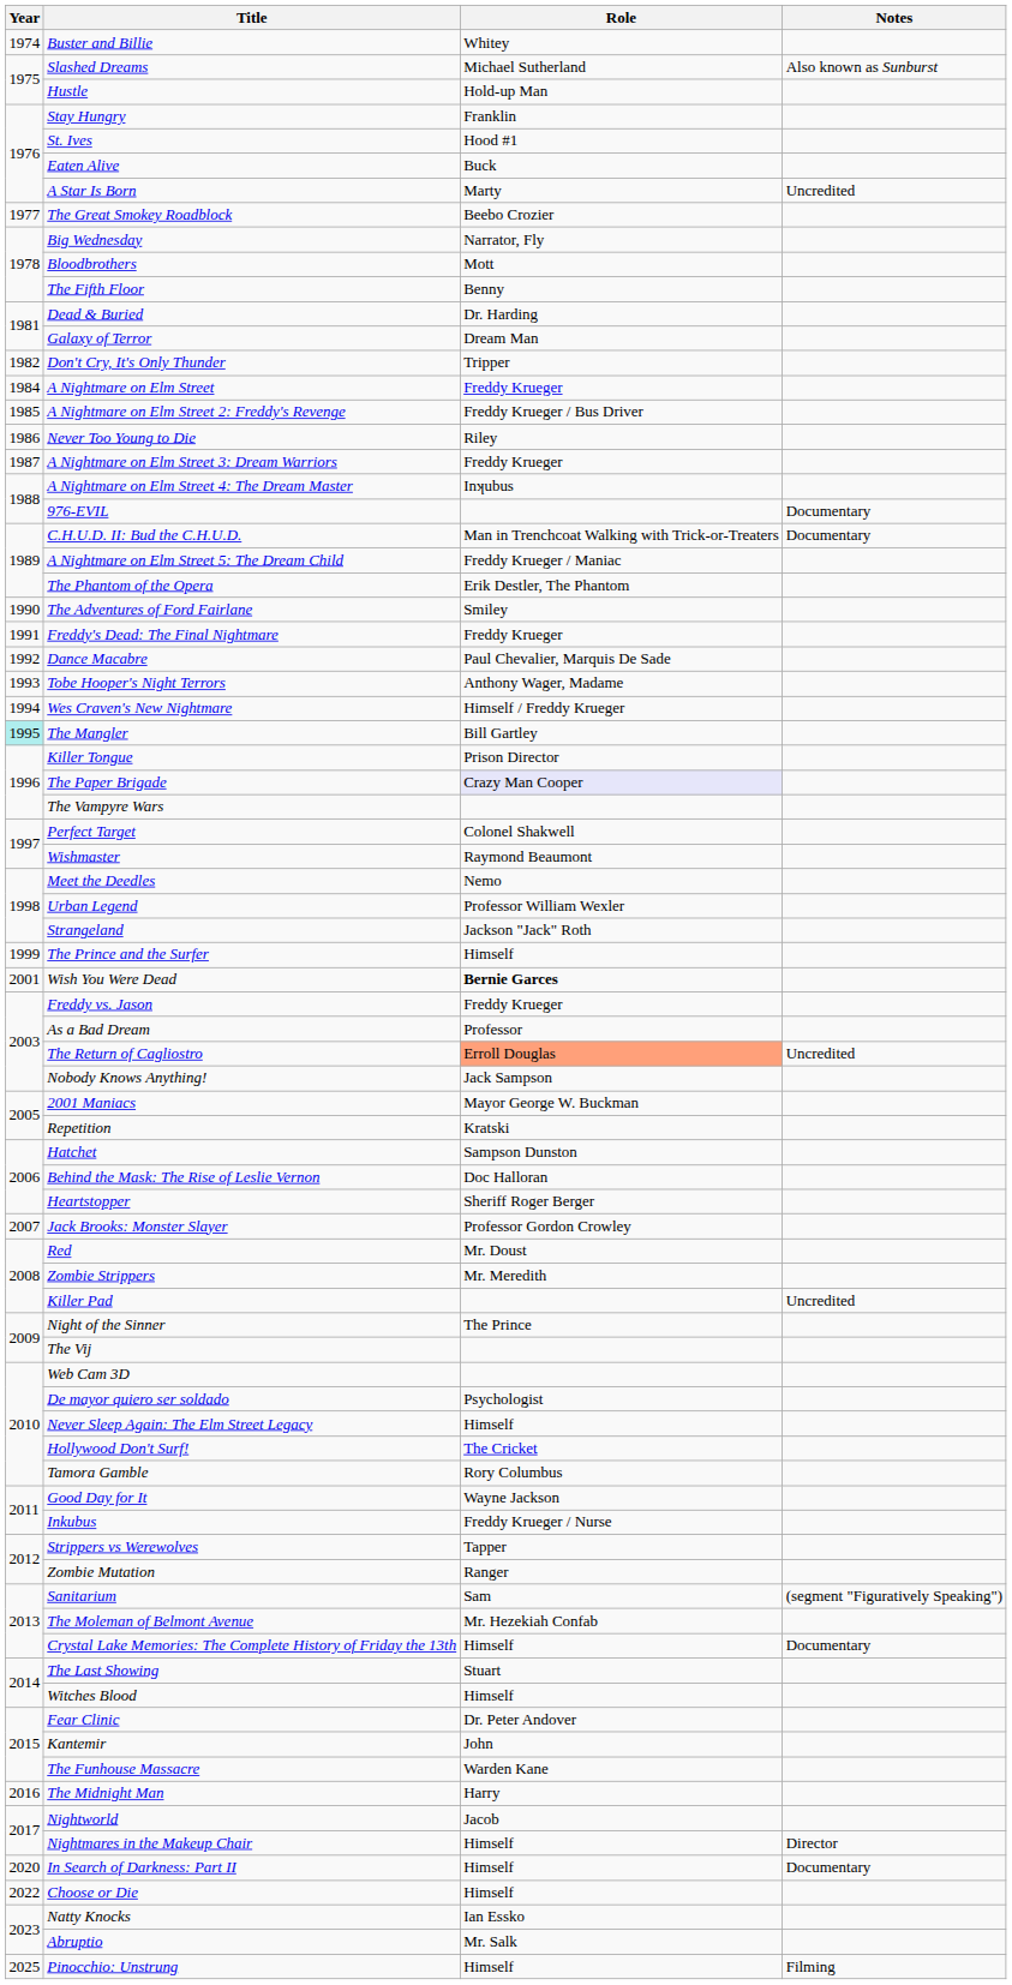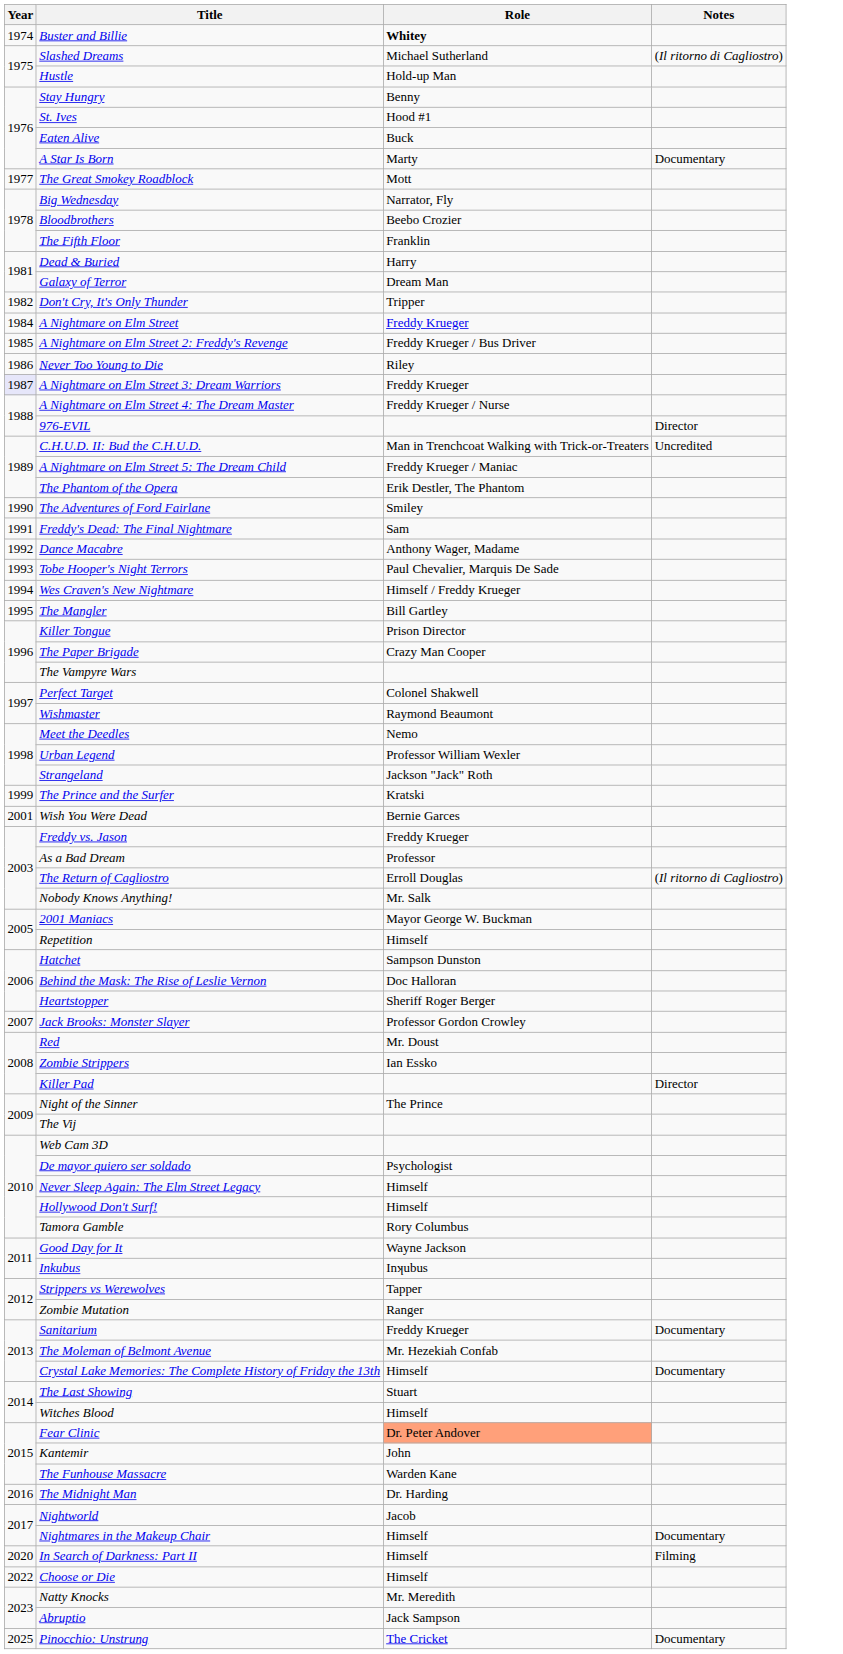 <table class="wikitable sortable">
 <tr>
 <th>Year</th>
 <th>Title</th>
 <th>Role</th>
 <th>Notes</th>
 </tr>
 <tr>
 <td>1974</td>
 <td><em><a href='#'>Buster and Billie</a></em></td>
-<td>Whitey</td>
+<td><strong>Whitey</strong></td>
 <td></td>
 </tr>
 <tr>
 <td rowspan="2">1975</td>
 <td><em><a href='#'>Slashed Dreams</a></em></td>
 <td>Michael Sutherland</td>
-<td>Also known as <em>Sunburst</em></td>
+<td>(<em>Il ritorno di Cagliostro</em>)</td>
 </tr>
 <tr>
 <td><em><a href='#'>Hustle</a></em></td>
 <td>Hold-up Man</td>
 <td></td>
 </tr>
 <tr>
 <td rowspan="4">1976</td>
 <td><em><a href='#'>Stay Hungry</a></em></td>
-<td>Franklin</td>
+<td>Benny</td>
 <td></td>
 </tr>
 <tr>
 <td><em><a href='#'>St. Ives</a></em></td>
 <td>Hood #1</td>
 <td></td>
 </tr>
 <tr>
 <td><em><a href='#'>Eaten Alive</a></em></td>
 <td>Buck</td>
 <td></td>
 </tr>
 <tr>
 <td><em><a href='#'>A Star Is Born</a></em></td>
 <td>Marty</td>
-<td>Uncredited</td>
+<td>Documentary</td>
 </tr>
 <tr>
 <td>1977</td>
 <td><em><a href='#'>The Great Smokey Roadblock</a></em></td>
-<td>Beebo Crozier</td>
+<td>Mott</td>
 <td></td>
 </tr>
 <tr>
 <td rowspan="3">1978</td>
 <td><em><a href='#'>Big Wednesday</a></em></td>
 <td>Narrator, Fly</td>
 <td></td>
 </tr>
 <tr>
 <td><em><a href='#'>Bloodbrothers</a></em></td>
-<td>Mott</td>
+<td>Beebo Crozier</td>
 <td></td>
 </tr>
 <tr>
 <td><em><a href='#'>The Fifth Floor</a></em></td>
-<td>Benny</td>
+<td>Franklin</td>
 <td></td>
 </tr>
 <tr>
 <td rowspan="2">1981</td>
 <td><em><a href='#'>Dead & Buried</a></em></td>
-<td>Dr. Harding</td>
+<td>Harry</td>
 <td></td>
 </tr>
 <tr>
 <td><em><a href='#'>Galaxy of Terror</a></em></td>
 <td>Dream Man</td>
 <td></td>
 </tr>
 <tr>
 <td>1982</td>
 <td><em><a href='#'>Don't Cry, It's Only Thunder</a></em></td>
 <td>Tripper</td>
 <td></td>
 </tr>
 <tr>
 <td>1984</td>
 <td><em><a href='#'>A Nightmare on Elm Street</a></em></td>
 <td><a href='#'>Freddy Krueger</a></td>
 <td></td>
 </tr>
 <tr>
 <td>1985</td>
 <td><em><a href='#'>A Nightmare on Elm Street 2: Freddy's Revenge</a></em></td>
 <td>Freddy Krueger / Bus Driver</td>
 <td></td>
 </tr>
 <tr>
 <td>1986</td>
 <td><em><a href='#'>Never Too Young to Die</a></em></td>
 <td>Riley</td>
 <td></td>
 </tr>
 <tr>
-<td>1987</td>
+<td style="background: lavender;">1987</td>
 <td><em><a href='#'>A Nightmare on Elm Street 3: Dream Warriors</a></em></td>
 <td>Freddy Krueger</td>
 <td></td>
 </tr>
 <tr>
 <td rowspan="2">1988</td>
 <td><em><a href='#'>A Nightmare on Elm Street 4: The Dream Master</a></em></td>
-<td>Inʞubus</td>
+<td>Freddy Krueger / Nurse</td>
 <td></td>
 </tr>
 <tr>
 <td><em><a href='#'>976-EVIL</a></em></td>
 <td></td>
-<td>Documentary</td>
+<td>Director</td>
 </tr>
 <tr>
 <td rowspan="3">1989</td>
 <td><em><a href='#'>C.H.U.D. II: Bud the C.H.U.D.</a></em></td>
 <td>Man in Trenchcoat Walking with Trick-or-Treaters</td>
-<td>Documentary</td>
+<td>Uncredited</td>
 </tr>
 <tr>
 <td><em><a href='#'>A Nightmare on Elm Street 5: The Dream Child</a></em></td>
 <td>Freddy Krueger / Maniac</td>
 <td></td>
 </tr>
 <tr>
 <td><em><a href='#'>The Phantom of the Opera</a></em></td>
 <td>Erik Destler, The Phantom</td>
 <td></td>
 </tr>
 <tr>
 <td>1990</td>
 <td><em><a href='#'>The Adventures of Ford Fairlane</a></em></td>
 <td>Smiley</td>
 <td></td>
 </tr>
 <tr>
 <td>1991</td>
 <td><em><a href='#'>Freddy's Dead: The Final Nightmare</a></em></td>
-<td>Freddy Krueger</td>
+<td>Sam</td>
 <td></td>
 </tr>
 <tr>
 <td>1992</td>
 <td><em><a href='#'>Dance Macabre</a></em></td>
-<td>Paul Chevalier, Marquis De Sade</td>
+<td>Anthony Wager, Madame</td>
 <td></td>
 </tr>
 <tr>
 <td>1993</td>
 <td><em><a href='#'>Tobe Hooper's Night Terrors</a></em></td>
-<td>Anthony Wager, Madame</td>
+<td>Paul Chevalier, Marquis De Sade</td>
 <td></td>
 </tr>
 <tr>
 <td>1994</td>
 <td><em><a href='#'>Wes Craven's New Nightmare</a></em></td>
 <td>Himself / Freddy Krueger</td>
 <td></td>
 </tr>
 <tr>
-<td style="background: paleturquoise;">1995</td>
+<td>1995</td>
 <td><em><a href='#'>The Mangler</a></em></td>
 <td>Bill Gartley</td>
 <td></td>
 </tr>
 <tr>
 <td rowspan="3">1996</td>
 <td><em><a href='#'>Killer Tongue</a></em></td>
 <td>Prison Director</td>
 <td></td>
 </tr>
 <tr>
 <td><em><a href='#'>The Paper Brigade</a></em></td>
-<td style="background: lavender;">Crazy Man Cooper</td>
+<td>Crazy Man Cooper</td>
 <td></td>
 </tr>
 <tr>
 <td><em>The Vampyre Wars</em></td>
 <td></td>
 <td></td>
 </tr>
 <tr>
 <td rowspan="2">1997</td>
 <td><em><a href='#'>Perfect Target</a></em></td>
 <td>Colonel Shakwell</td>
 <td></td>
 </tr>
 <tr>
 <td><em><a href='#'>Wishmaster</a></em></td>
 <td>Raymond Beaumont</td>
 <td></td>
 </tr>
 <tr>
 <td rowspan="3">1998</td>
 <td><em><a href='#'>Meet the Deedles</a></em></td>
 <td>Nemo</td>
 <td></td>
 </tr>
 <tr>
 <td><em><a href='#'>Urban Legend</a></em></td>
 <td>Professor William Wexler</td>
 <td></td>
 </tr>
 <tr>
 <td><em><a href='#'>Strangeland</a></em></td>
 <td>Jackson "Jack" Roth</td>
 <td></td>
 </tr>
 <tr>
 <td>1999</td>
 <td><em><a href='#'>The Prince and the Surfer</a></em></td>
-<td>Himself</td>
+<td>Kratski</td>
 <td></td>
 </tr>
 <tr>
 <td>2001</td>
 <td><em>Wish You Were Dead</em></td>
-<td><strong>Bernie Garces</strong></td>
+<td>Bernie Garces</td>
 <td></td>
 </tr>
 <tr>
 <td rowspan="4">2003</td>
 <td><em><a href='#'>Freddy vs. Jason</a></em></td>
 <td>Freddy Krueger</td>
 <td></td>
 </tr>
 <tr>
 <td><em>As a Bad Dream</em></td>
 <td>Professor</td>
 <td></td>
 </tr>
 <tr>
 <td><em><a href='#'>The Return of Cagliostro</a></em></td>
-<td style="background: lightsalmon;">Erroll Douglas</td>
-<td>Uncredited</td>
+<td>Erroll Douglas</td>
+<td>(<em>Il ritorno di Cagliostro</em>)</td>
 </tr>
 <tr>
 <td><em>Nobody Knows Anything!</em></td>
-<td>Jack Sampson</td>
+<td>Mr. Salk</td>
 <td></td>
 </tr>
 <tr>
 <td rowspan="2">2005</td>
 <td><em><a href='#'>2001 Maniacs</a></em></td>
 <td>Mayor George W. Buckman</td>
 <td></td>
 </tr>
 <tr>
 <td><em>Repetition</em></td>
-<td>Kratski</td>
+<td>Himself</td>
 <td></td>
 </tr>
 <tr>
 <td rowspan="3">2006</td>
 <td><em><a href='#'>Hatchet</a></em></td>
 <td>Sampson Dunston</td>
 <td></td>
 </tr>
 <tr>
 <td><em><a href='#'>Behind the Mask: The Rise of Leslie Vernon</a></em></td>
 <td>Doc Halloran</td>
 <td></td>
 </tr>
 <tr>
 <td><em><a href='#'>Heartstopper</a></em></td>
 <td>Sheriff Roger Berger</td>
 <td></td>
 </tr>
 <tr>
 <td>2007</td>
 <td><em><a href='#'>Jack Brooks: Monster Slayer</a></em></td>
 <td>Professor Gordon Crowley</td>
 <td></td>
 </tr>
 <tr>
 <td rowspan="3">2008</td>
 <td><em><a href='#'>Red</a></em></td>
 <td>Mr. Doust</td>
 <td></td>
 </tr>
 <tr>
 <td><em><a href='#'>Zombie Strippers</a></em></td>
-<td>Mr. Meredith</td>
+<td>Ian Essko</td>
 <td></td>
 </tr>
 <tr>
 <td><em><a href='#'>Killer Pad</a></em></td>
 <td></td>
-<td>Uncredited</td>
+<td>Director</td>
 </tr>
 <tr>
 <td rowspan="2">2009</td>
 <td><em>Night of the Sinner</em></td>
 <td>The Prince</td>
 <td></td>
 </tr>
 <tr>
 <td><em>The Vij</em></td>
 <td></td>
 <td></td>
 </tr>
 <tr>
 <td rowspan="5">2010</td>
 <td><em>Web Cam 3D</em></td>
 <td></td>
 <td></td>
 </tr>
 <tr>
 <td><em><a href='#'>De mayor quiero ser soldado</a></em></td>
 <td>Psychologist</td>
 <td></td>
 </tr>
 <tr>
 <td><em><a href='#'>Never Sleep Again: The Elm Street Legacy</a></em></td>
 <td>Himself</td>
 <td></td>
 </tr>
 <tr>
 <td><em><a href='#'>Hollywood Don't Surf!</a></em></td>
-<td><a href='#'>The Cricket</a></td>
+<td>Himself</td>
 <td></td>
 </tr>
 <tr>
 <td><em>Tamora Gamble</em></td>
 <td>Rory Columbus</td>
 <td></td>
 </tr>
 <tr>
 <td rowspan="2">2011</td>
 <td><em><a href='#'>Good Day for It</a></em></td>
 <td>Wayne Jackson</td>
 <td></td>
 </tr>
 <tr>
 <td><em><a href='#'>Inkubus</a></em></td>
-<td>Freddy Krueger / Nurse</td>
+<td>Inʞubus</td>
 <td></td>
 </tr>
 <tr>
 <td rowspan="2">2012</td>
 <td><em><a href='#'>Strippers vs Werewolves</a></em></td>
 <td>Tapper</td>
 <td></td>
 </tr>
 <tr>
 <td><em>Zombie Mutation</em></td>
 <td>Ranger</td>
 <td></td>
 </tr>
 <tr>
 <td rowspan="3">2013</td>
 <td><em><a href='#'>Sanitarium</a></em></td>
-<td>Sam</td>
-<td>(segment "Figuratively Speaking")</td>
+<td>Freddy Krueger</td>
+<td>Documentary</td>
 </tr>
 <tr>
 <td><em><a href='#'>The Moleman of Belmont Avenue</a></em></td>
 <td>Mr. Hezekiah Confab</td>
 <td></td>
 </tr>
 <tr>
 <td><em><a href='#'>Crystal Lake Memories: The Complete History of Friday the 13th</a></em></td>
 <td>Himself</td>
 <td>Documentary</td>
 </tr>
 <tr>
 <td rowspan="2">2014</td>
 <td><em><a href='#'>The Last Showing</a></em></td>
 <td>Stuart</td>
 <td></td>
 </tr>
 <tr>
 <td><em>Witches Blood</em></td>
 <td>Himself</td>
 <td></td>
 </tr>
 <tr>
 <td rowspan="3">2015</td>
 <td><em><a href='#'>Fear Clinic</a></em></td>
-<td>Dr. Peter Andover</td>
+<td style="background: lightsalmon;">Dr. Peter Andover</td>
 <td></td>
 </tr>
 <tr>
 <td><em>Kantemir</em></td>
 <td>John</td>
 <td></td>
 </tr>
 <tr>
 <td><em><a href='#'>The Funhouse Massacre</a></em></td>
 <td>Warden Kane</td>
 <td></td>
 </tr>
 <tr>
 <td>2016</td>
 <td><em><a href='#'>The Midnight Man</a></em></td>
-<td>Harry</td>
+<td>Dr. Harding</td>
 <td></td>
 </tr>
 <tr>
 <td rowspan="2">2017</td>
 <td><em><a href='#'>Nightworld</a></em></td>
 <td>Jacob</td>
 <td></td>
 </tr>
 <tr>
 <td><em><a href='#'>Nightmares in the Makeup Chair</a></em></td>
 <td>Himself</td>
-<td>Director</td>
+<td>Documentary</td>
 </tr>
 <tr>
 <td>2020</td>
 <td><em><a href='#'>In Search of Darkness: Part II</a></em></td>
 <td>Himself</td>
-<td>Documentary</td>
+<td>Filming</td>
 </tr>
 <tr>
 <td>2022</td>
 <td><em><a href='#'>Choose or Die</a></em></td>
 <td>Himself</td>
 <td></td>
 </tr>
 <tr>
 <td rowspan="2">2023</td>
 <td><em>Natty Knocks</em></td>
-<td>Ian Essko</td>
+<td>Mr. Meredith</td>
 <td></td>
 </tr>
 <tr>
 <td><em><a href='#'>Abruptio</a></em></td>
-<td>Mr. Salk</td>
+<td>Jack Sampson</td>
 <td></td>
 </tr>
 <tr>
 <td>2025</td>
 <td><em><a href='#'>Pinocchio: Unstrung</a></em></td>
-<td>Himself</td>
-<td>Filming</td>
+<td><a href='#'>The Cricket</a></td>
+<td>Documentary</td>
 </tr>
 </table>
